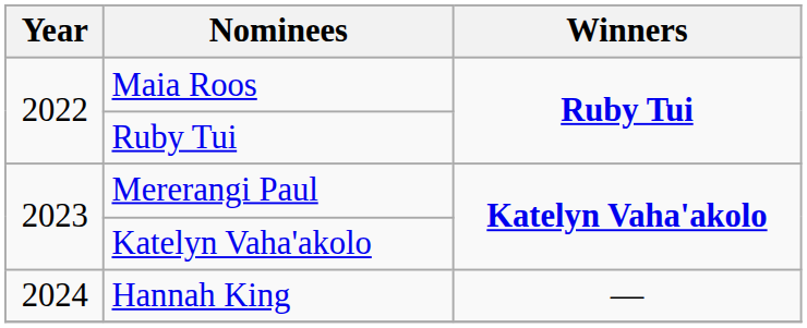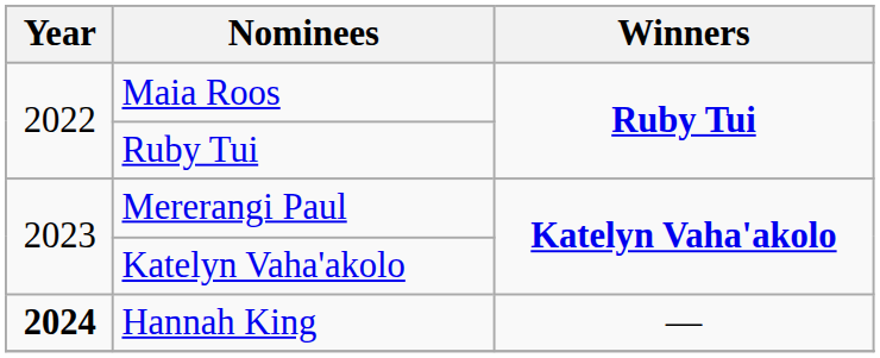 <table class="wikitable">
 <tr>
 <th width=40>Year</th>
 <th width=160>Nominees</th>
 <th width=160>Winners</th>
 </tr>
 <tr>
 <td align=center rowspan=2>2022</td>
 <td><a href='#'>Maia Roos</a></td>
 <td align=center rowspan=2><strong><a href='#'>Ruby Tui</a></strong></td>
 </tr>
 <tr>
 <td><a href='#'>Ruby Tui</a></td>
 </tr>
 <tr>
 <td align=center rowspan=2>2023</td>
 <td><a href='#'>Mererangi Paul</a></td>
 <td align=center rowspan=2><strong><a href='#'>Katelyn Vaha'akolo</a></strong></td>
 </tr>
 <tr>
 <td><a href='#'>Katelyn Vaha'akolo</a></td>
 </tr>
 <tr>
-<td align=center>2024</td>
+<td align=center><strong>2024</strong></td>
 <td><a href='#'>Hannah King</a></td>
 <td align=center>—</td>
 </tr>
 <tr>
 </tr>
 </table>
